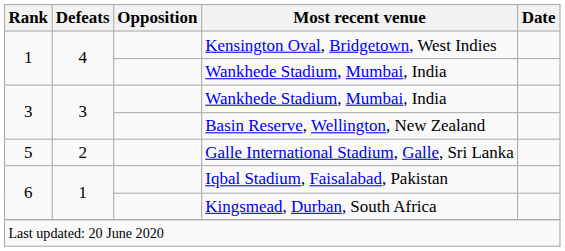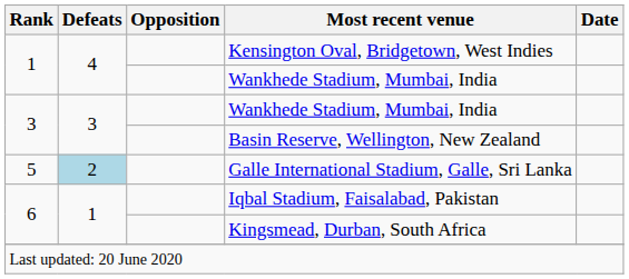 <table class="wikitable sortable">
 <tr>
 <th scope=col>Rank</th>
 <th scope=col>Defeats</th>
 <th scope=col>Opposition</th>
 <th scope=col>Most recent venue</th>
 <th scope=col>Date</th>
 </tr>
 <tr>
 <td align=center rowspan=2>1</td>
 <td align=center rowspan=2>4</td>
 <td></td>
 <td><a href='#'>Kensington Oval</a>, <a href='#'>Bridgetown</a>, West Indies</td>
 <td></td>
 </tr>
 <tr>
 <td></td>
 <td><a href='#'>Wankhede Stadium</a>, <a href='#'>Mumbai</a>, India</td>
 <td></td>
 </tr>
 <tr>
 <td align=center rowspan=2>3</td>
 <td align=center rowspan=2>3</td>
 <td></td>
 <td><a href='#'>Wankhede Stadium</a>, <a href='#'>Mumbai</a>, India</td>
 <td></td>
 </tr>
 <tr>
 <td></td>
 <td><a href='#'>Basin Reserve</a>, <a href='#'>Wellington</a>, New Zealand</td>
 <td></td>
 </tr>
 <tr>
 <td align=center>5</td>
-<td align=center>2</td>
+<td align=center style="background: lightblue;">2</td>
 <td></td>
 <td><a href='#'>Galle International Stadium</a>, <a href='#'>Galle</a>, Sri Lanka</td>
 <td></td>
 </tr>
 <tr>
 <td align=center rowspan=2>6</td>
 <td align=center rowspan=2>1</td>
 <td></td>
 <td><a href='#'>Iqbal Stadium</a>, <a href='#'>Faisalabad</a>, Pakistan</td>
 <td></td>
 </tr>
 <tr>
 <td></td>
 <td><a href='#'>Kingsmead</a>, <a href='#'>Durban</a>, South Africa</td>
 <td></td>
 </tr>
 <tr>
 </tr>
 <tr class=sortbottom>
 <td colspan=5><small>Last updated: 20 June 2020</small></td>
 </tr>
 </table>
